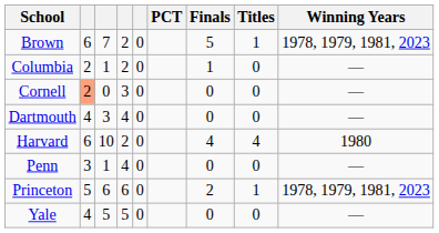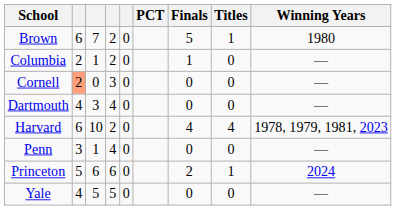 <table class="wikitable sortable" style="text-align:center">
 <tr>
 <th width=px>School</th>
 <th width=px></th>
 <th width=px></th>
 <th width=px></th>
 <th width=px></th>
 <th width=px>PCT</th>
 <th width=px>Finals</th>
 <th width=px>Titles</th>
 <th width=px>Winning Years</th>
 </tr>
 <tr>
 <td><a href='#'>Brown</a></td>
 <td>6</td>
 <td>7</td>
 <td>2</td>
 <td>0</td>
 <td></td>
 <td>5</td>
 <td>1</td>
-<td>1978, 1979, 1981, <a href='#'>2023</a></td>
+<td>1980</td>
 </tr>
 <tr>
 <td><a href='#'>Columbia</a></td>
 <td>2</td>
 <td>1</td>
 <td>2</td>
 <td>0</td>
 <td></td>
 <td>1</td>
 <td>0</td>
 <td>—</td>
 </tr>
 <tr>
 <td><a href='#'>Cornell</a></td>
 <td style="background: lightsalmon;">2</td>
 <td>0</td>
 <td>3</td>
 <td>0</td>
 <td></td>
 <td>0</td>
 <td>0</td>
 <td>—</td>
 </tr>
 <tr>
 <td><a href='#'>Dartmouth</a></td>
 <td>4</td>
 <td>3</td>
 <td>4</td>
 <td>0</td>
 <td></td>
 <td>0</td>
 <td>0</td>
 <td>—</td>
 </tr>
 <tr>
 <td><a href='#'>Harvard</a></td>
 <td>6</td>
 <td>10</td>
 <td>2</td>
 <td>0</td>
 <td></td>
 <td>4</td>
 <td>4</td>
-<td>1980</td>
+<td>1978, 1979, 1981, <a href='#'>2023</a></td>
 </tr>
 <tr>
 <td><a href='#'>Penn</a></td>
 <td>3</td>
 <td>1</td>
 <td>4</td>
 <td>0</td>
 <td></td>
 <td>0</td>
 <td>0</td>
 <td>—</td>
 </tr>
 <tr>
 <td><a href='#'>Princeton</a></td>
 <td>5</td>
 <td>6</td>
 <td>6</td>
 <td>0</td>
 <td></td>
 <td>2</td>
 <td>1</td>
-<td>1978, 1979, 1981, <a href='#'>2023</a></td>
+<td><a href='#'>2024</a></td>
 </tr>
 <tr>
 <td><a href='#'>Yale</a></td>
 <td>4</td>
 <td>5</td>
 <td>5</td>
 <td>0</td>
 <td></td>
 <td>0</td>
 <td>0</td>
 <td>—</td>
 </tr>
 </table>
